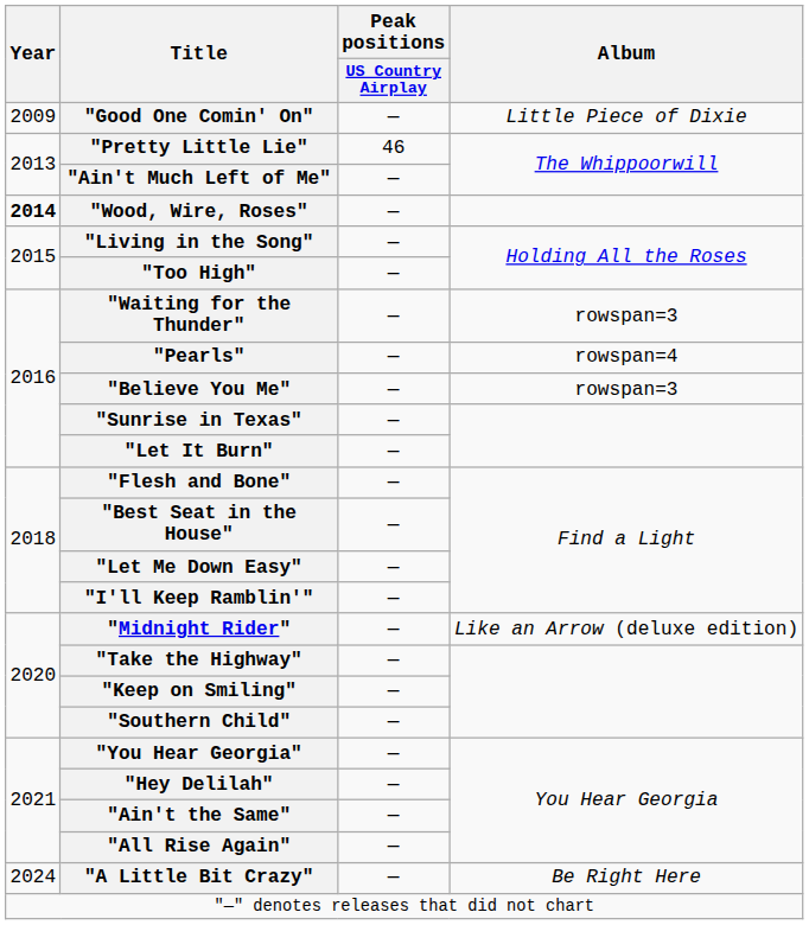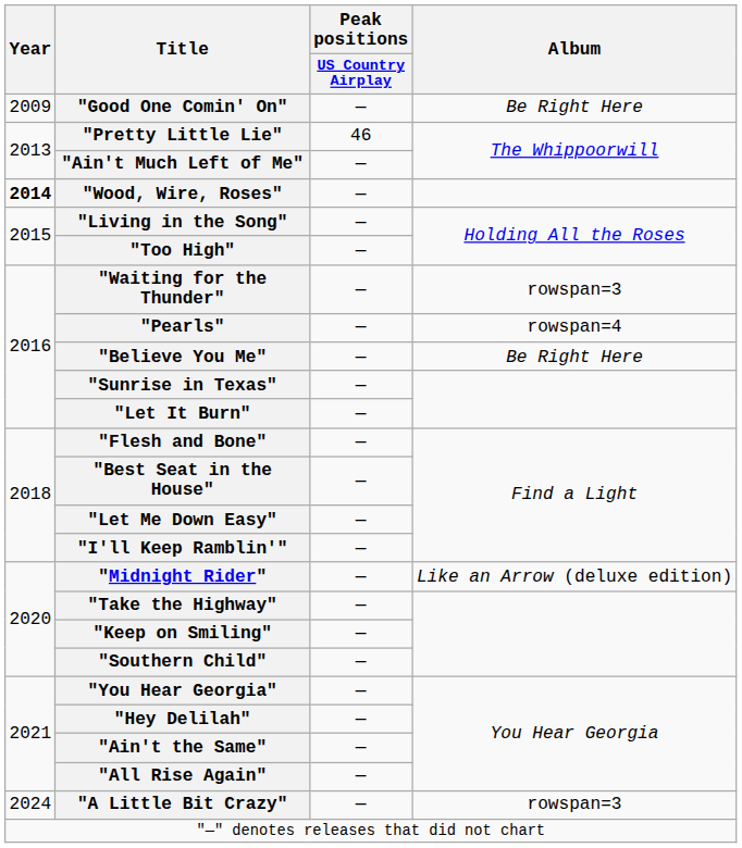 <table class="wikitable plainrowheaders" style="text-align:center;">
 <tr>
 <th rowspan="2">Year</th>
 <th rowspan="2" style="width:14em;">Title</th>
 <th>Peak positions</th>
 <th rowspan="2">Album</th>
 </tr>
 <tr style="font-size:smaller;">
 <th style="width:65px;"><a href='#'>US Country Airplay</a><br></th>
 </tr>
 <tr>
 <td>2009</td>
 <th scope="row">"Good One Comin' On"</th>
 <td>—</td>
-<td><em>Little Piece of Dixie</em></td>
+<td><em>Be Right Here</em></td>
 </tr>
 <tr>
 <td rowspan="2">2013</td>
 <th scope="row">"Pretty Little Lie"</th>
 <td>46</td>
 <td rowspan="2"><em><a href='#'>The Whippoorwill</a></em></td>
 </tr>
 <tr>
 <th scope="row">"Ain't Much Left of Me"</th>
 <td>—</td>
 </tr>
 <tr>
 <td><strong>2014</strong></td>
 <th scope="row">"Wood, Wire, Roses"</th>
 <td>—</td>
 <td></td>
 </tr>
 <tr>
 <td rowspan=2>2015</td>
 <th scope="row">"Living in the Song"</th>
 <td>—</td>
 <td rowspan=2><em><a href='#'>Holding All the Roses</a></em></td>
 </tr>
 <tr>
 <th scope="row">"Too High"</th>
 <td>—</td>
 </tr>
 <tr>
 <td rowspan=5>2016</td>
 <th scope="row">"Waiting for the Thunder"</th>
 <td>—</td>
 <td>rowspan=3 </td>
 </tr>
 <tr>
 <th scope="row">"Pearls"</th>
 <td>—</td>
 <td>rowspan=4 </td>
 </tr>
 <tr>
 <th scope="row">"Believe You Me"</th>
 <td>—</td>
-<td>rowspan=3 </td>
+<td><em>Be Right Here</em></td>
 </tr>
 <tr>
 <th scope="row">"Sunrise in Texas"</th>
 <td>—</td>
 </tr>
 <tr>
 <th scope="row">"Let It Burn"</th>
 <td>—</td>
 </tr>
 <tr>
 <td rowspan="4">2018</td>
 <th scope="row">"Flesh and Bone"</th>
 <td>—</td>
 <td rowspan="4"><em>Find a Light</em></td>
 </tr>
 <tr>
 <th scope="row">"Best Seat in the House"</th>
 <td>—</td>
 </tr>
 <tr>
 <th scope="row">"Let Me Down Easy"</th>
 <td>—</td>
 </tr>
 <tr>
 <th scope="row">"I'll Keep Ramblin'"</th>
 <td>—</td>
 </tr>
 <tr>
 <td rowspan=4>2020</td>
 <th scope="row">"<a href='#'>Midnight Rider</a>"</th>
 <td>—</td>
 <td><em>Like an Arrow</em> (deluxe edition)</td>
 </tr>
 <tr>
 <th scope="row">"Take the Highway"</th>
 <td>—</td>
 </tr>
 <tr>
 <th scope="row">"Keep on Smiling"</th>
 <td>—</td>
 </tr>
 <tr>
 <th scope="row">"Southern Child"</th>
 <td>—</td>
 </tr>
 <tr>
 <td rowspan=4>2021</td>
 <th scope="row">"You Hear Georgia"</th>
 <td>—</td>
 <td rowspan=4><em>You Hear Georgia</em></td>
 </tr>
 <tr>
 <th scope="row">"Hey Delilah"</th>
 <td>—</td>
 </tr>
 <tr>
 <th scope="row">"Ain't the Same"</th>
 <td>—</td>
 </tr>
 <tr>
 <th scope="row">"All Rise Again"</th>
 <td>—</td>
 </tr>
 <tr>
 <td>2024</td>
 <th scope="row">"A Little Bit Crazy"</th>
 <td>—</td>
-<td><em>Be Right Here</em></td>
+<td>rowspan=3 </td>
 </tr>
 <tr>
 <td colspan="5" style="font-size:85%">"—" denotes releases that did not chart</td>
 </tr>
 </table>
